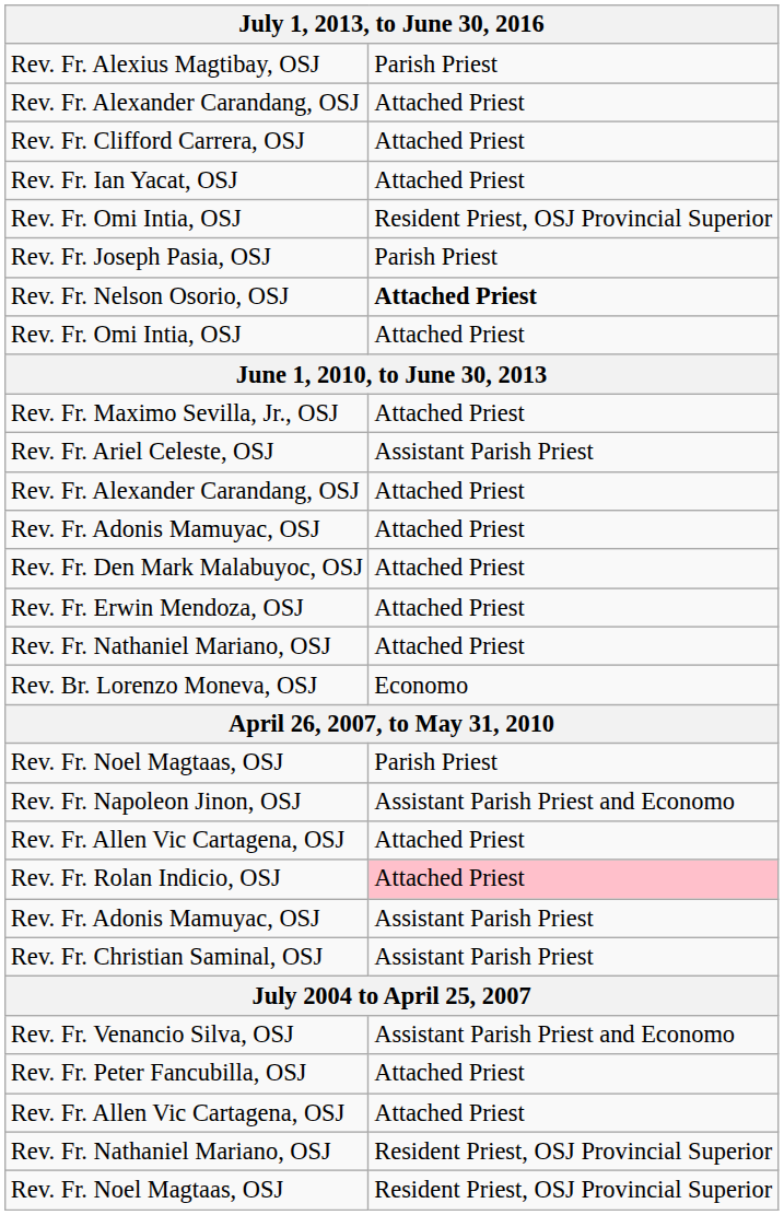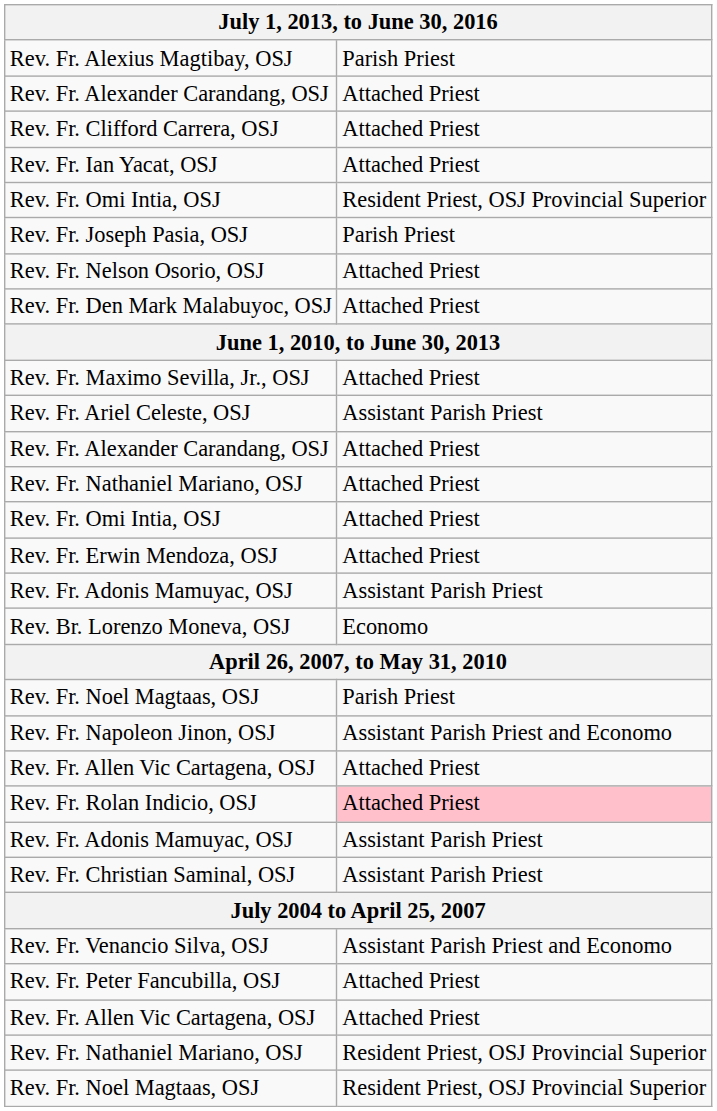 <table class="wikitable">
 <tr>
 <th colspan="2">July 1, 2013, to June 30, 2016</th>
 </tr>
 <tr>
 <td>Rev. Fr. Alexius Magtibay, OSJ</td>
 <td>Parish Priest</td>
 </tr>
 <tr>
 <td>Rev. Fr. Alexander Carandang, OSJ</td>
 <td>Attached Priest</td>
 </tr>
 <tr>
 <td>Rev. Fr. Clifford Carrera, OSJ</td>
 <td>Attached Priest</td>
 </tr>
 <tr>
 <td>Rev. Fr. Ian Yacat, OSJ</td>
 <td>Attached Priest</td>
 </tr>
 <tr>
 <td>Rev. Fr. Omi Intia, OSJ</td>
 <td>Resident Priest, OSJ Provincial Superior</td>
 </tr>
 <tr>
 <td>Rev. Fr. Joseph Pasia, OSJ</td>
 <td>Parish Priest</td>
 </tr>
 <tr>
 <td>Rev. Fr. Nelson Osorio, OSJ</td>
-<td><strong>Attached Priest</strong></td>
+<td>Attached Priest</td>
 </tr>
 <tr>
-<td>Rev. Fr. Omi Intia, OSJ</td>
+<td>Rev. Fr. Den Mark Malabuyoc, OSJ</td>
 <td>Attached Priest</td>
 </tr>
 <tr>
 <th colspan="2">June 1, 2010, to June 30, 2013</th>
 </tr>
 <tr>
 <td>Rev. Fr. Maximo Sevilla, Jr., OSJ</td>
 <td>Attached Priest</td>
 </tr>
 <tr>
 <td>Rev. Fr. Ariel Celeste, OSJ</td>
 <td>Assistant Parish Priest</td>
 </tr>
 <tr>
 <td>Rev. Fr. Alexander Carandang, OSJ</td>
 <td>Attached Priest</td>
 </tr>
 <tr>
-<td>Rev. Fr. Adonis Mamuyac, OSJ</td>
+<td>Rev. Fr. Nathaniel Mariano, OSJ</td>
 <td>Attached Priest</td>
 </tr>
 <tr>
-<td>Rev. Fr. Den Mark Malabuyoc, OSJ</td>
+<td>Rev. Fr. Omi Intia, OSJ</td>
 <td>Attached Priest</td>
 </tr>
 <tr>
 <td>Rev. Fr. Erwin Mendoza, OSJ</td>
 <td>Attached Priest</td>
 </tr>
 <tr>
-<td>Rev. Fr. Nathaniel Mariano, OSJ</td>
-<td>Attached Priest</td>
+<td>Rev. Fr. Adonis Mamuyac, OSJ</td>
+<td>Assistant Parish Priest</td>
 </tr>
 <tr>
 <td>Rev. Br. Lorenzo Moneva, OSJ</td>
 <td>Economo</td>
 </tr>
 <tr>
 <th colspan="2">April 26, 2007, to May 31, 2010</th>
 </tr>
 <tr>
 <td>Rev. Fr. Noel Magtaas, OSJ</td>
 <td>Parish Priest</td>
 </tr>
 <tr>
 <td>Rev. Fr. Napoleon Jinon, OSJ</td>
 <td>Assistant Parish Priest and Economo</td>
 </tr>
 <tr>
 <td>Rev. Fr. Allen Vic Cartagena, OSJ</td>
 <td>Attached Priest</td>
 </tr>
 <tr>
 <td>Rev. Fr. Rolan Indicio, OSJ</td>
 <td style="background: pink;">Attached Priest</td>
 </tr>
 <tr>
 <td>Rev. Fr. Adonis Mamuyac, OSJ</td>
 <td>Assistant Parish Priest</td>
 </tr>
 <tr>
 <td>Rev. Fr. Christian Saminal, OSJ</td>
 <td>Assistant Parish Priest</td>
 </tr>
 <tr>
 <th colspan="2">July 2004 to April 25, 2007</th>
 </tr>
 <tr>
 <td>Rev. Fr. Venancio Silva, OSJ</td>
 <td>Assistant Parish Priest and Economo</td>
 </tr>
 <tr>
 <td>Rev. Fr. Peter Fancubilla, OSJ</td>
 <td>Attached Priest</td>
 </tr>
 <tr>
 <td>Rev. Fr. Allen Vic Cartagena, OSJ</td>
 <td>Attached Priest</td>
 </tr>
 <tr>
 <td>Rev. Fr. Nathaniel Mariano, OSJ</td>
 <td>Resident Priest, OSJ Provincial Superior</td>
 </tr>
 <tr>
 <td>Rev. Fr. Noel Magtaas, OSJ</td>
 <td>Resident Priest, OSJ Provincial Superior</td>
 </tr>
 </table>
